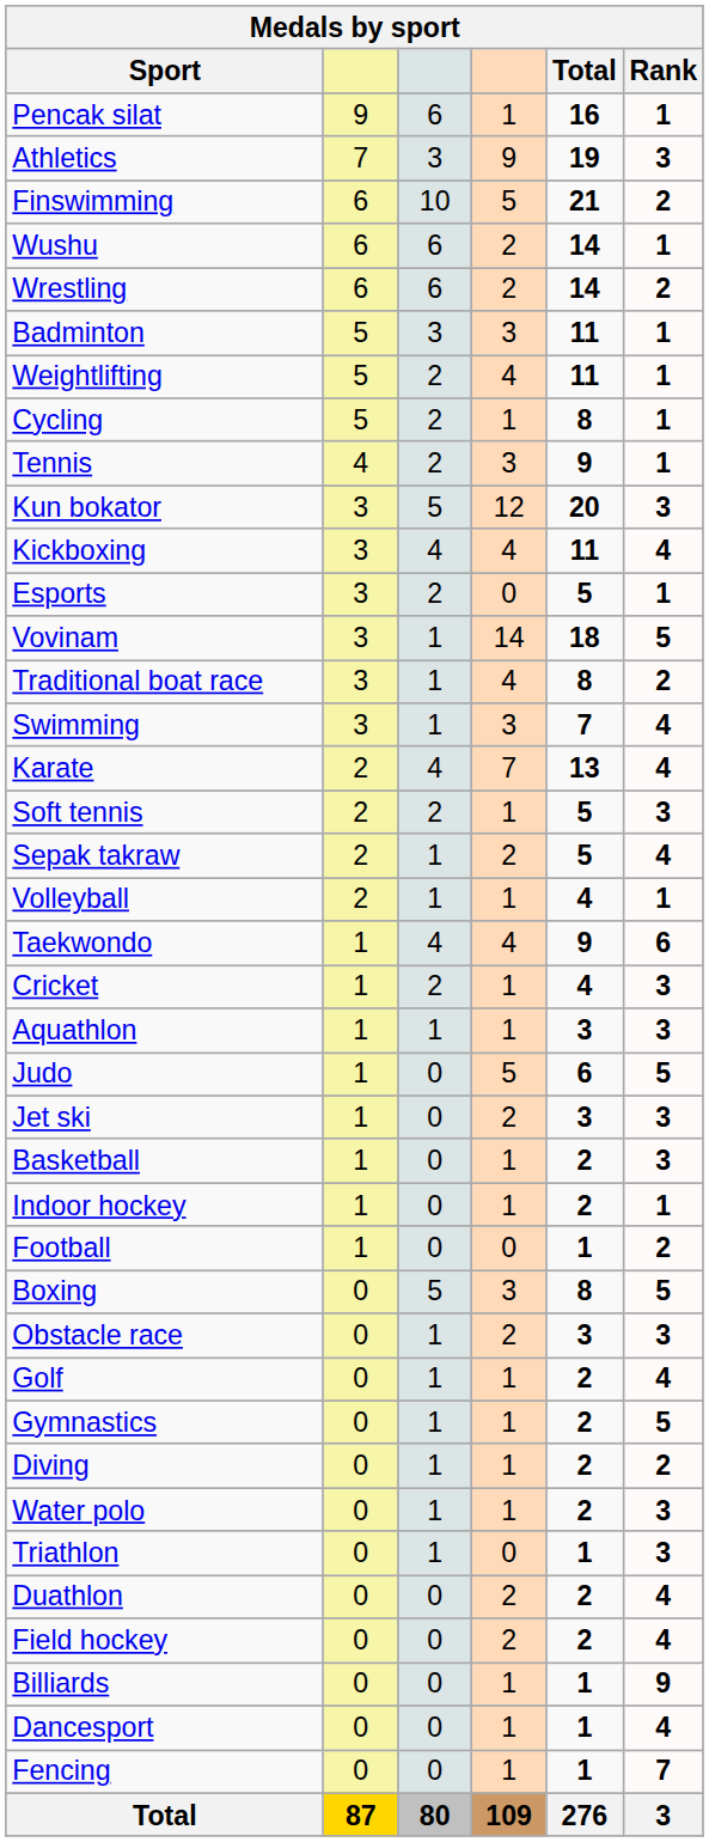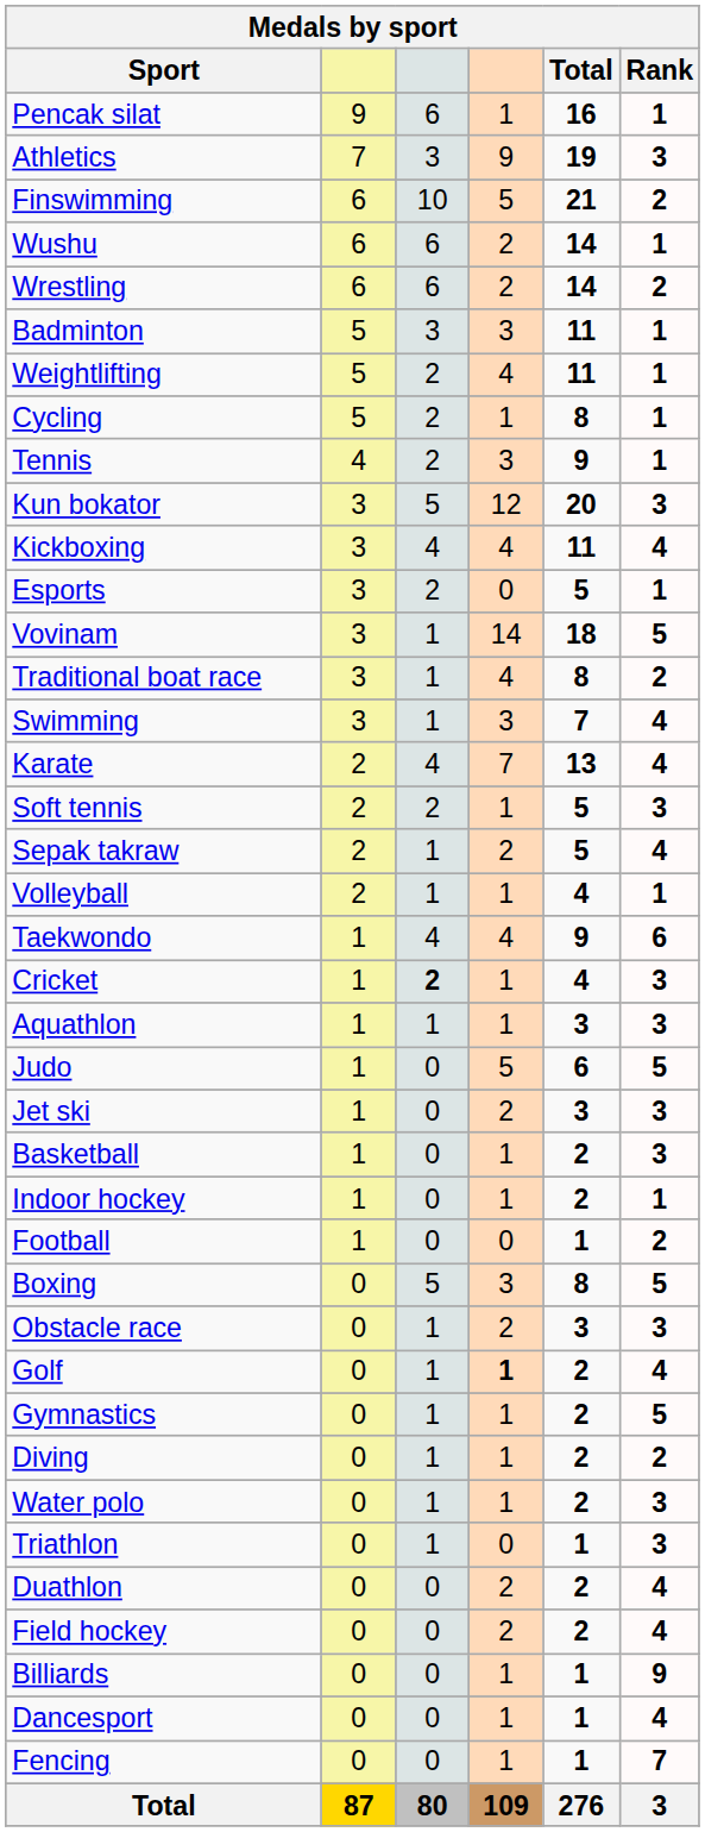 <table class="wikitable" style=font-size:85%;float:center;text-align:center>
 <tr>
 <th colspan=6><strong>Medals by sport</strong></th>
 </tr>
 <tr>
 <th width=150>Sport</th>
 <th scope="col" width=30 style="background:#F7F6A8;"></th>
 <th scope="col" width=30 style="background:#DCE5E5;"></th>
 <th scope="col" width=30 style="background:#FFDAB9;"></th>
 <th width=30>Total</th>
 <th width=30>Rank</th>
 </tr>
 <tr>
 <td align=left> <a href='#'>Pencak silat</a></td>
 <td style="background:#F7F6A8;">9</td>
 <td style="background:#DCE5E5;">6</td>
 <td style="background:#FFDAB9;">1</td>
 <td><strong>16</strong></td>
 <td style="background:#FFFAFA;"><strong>1</strong></td>
 </tr>
 <tr>
 <td align=left> <a href='#'>Athletics</a></td>
 <td style="background:#F7F6A8;">7</td>
 <td style="background:#DCE5E5;">3</td>
 <td style="background:#FFDAB9;">9</td>
 <td><strong>19</strong></td>
 <td style="background:#FFFAFA;"><strong>3</strong></td>
 </tr>
 <tr>
 <td align=left> <a href='#'>Finswimming</a></td>
 <td style="background:#F7F6A8;">6</td>
 <td style="background:#DCE5E5;">10</td>
 <td style="background:#FFDAB9;">5</td>
 <td><strong>21</strong></td>
 <td style="background:#FFFAFA;"><strong>2</strong></td>
 </tr>
 <tr>
 <td align=left> <a href='#'>Wushu</a></td>
 <td style="background:#F7F6A8;">6</td>
 <td style="background:#DCE5E5;">6</td>
 <td style="background:#FFDAB9;">2</td>
 <td><strong>14</strong></td>
 <td style="background:#FFFAFA;"><strong>1</strong></td>
 </tr>
 <tr>
 <td align=left> <a href='#'>Wrestling</a></td>
 <td style="background:#F7F6A8;">6</td>
 <td style="background:#DCE5E5;">6</td>
 <td style="background:#FFDAB9;">2</td>
 <td><strong>14</strong></td>
 <td style="background:#FFFAFA;"><strong>2</strong></td>
 </tr>
 <tr>
 <td align=left> <a href='#'>Badminton</a></td>
 <td style="background:#F7F6A8;">5</td>
 <td style="background:#DCE5E5;">3</td>
 <td style="background:#FFDAB9;">3</td>
 <td><strong>11</strong></td>
 <td style="background:#FFFAFA;"><strong>1</strong></td>
 </tr>
 <tr>
 <td align=left> <a href='#'>Weightlifting</a></td>
 <td style="background:#F7F6A8;">5</td>
 <td style="background:#DCE5E5;">2</td>
 <td style="background:#FFDAB9;">4</td>
 <td><strong>11</strong></td>
 <td style="background:#FFFAFA;"><strong>1</strong></td>
 </tr>
 <tr>
 <td align=left> <a href='#'>Cycling</a></td>
 <td style="background:#F7F6A8;">5</td>
 <td style="background:#DCE5E5;">2</td>
 <td style="background:#FFDAB9;">1</td>
 <td><strong>8</strong></td>
 <td style="background:#FFFAFA;"><strong>1</strong></td>
 </tr>
 <tr>
 <td align=left> <a href='#'>Tennis</a></td>
 <td style="background:#F7F6A8;">4</td>
 <td style="background:#DCE5E5;">2</td>
 <td style="background:#FFDAB9;">3</td>
 <td><strong>9</strong></td>
 <td style="background:#FFFAFA;"><strong>1</strong></td>
 </tr>
 <tr>
 <td align=left> <a href='#'>Kun bokator</a></td>
 <td style="background:#F7F6A8;">3</td>
 <td style="background:#DCE5E5;">5</td>
 <td style="background:#FFDAB9;">12</td>
 <td><strong>20</strong></td>
 <td style="background:#FFFAFA;"><strong>3</strong></td>
 </tr>
 <tr>
 <td align=left> <a href='#'>Kickboxing</a></td>
 <td style="background:#F7F6A8;">3</td>
 <td style="background:#DCE5E5;">4</td>
 <td style="background:#FFDAB9;">4</td>
 <td><strong>11</strong></td>
 <td style="background:#FFFAFA;"><strong>4</strong></td>
 </tr>
 <tr>
 <td align=left> <a href='#'>Esports</a></td>
 <td style="background:#F7F6A8;">3</td>
 <td style="background:#DCE5E5;">2</td>
 <td style="background:#FFDAB9;">0</td>
 <td><strong>5</strong></td>
 <td style="background:#FFFAFA;"><strong>1</strong></td>
 </tr>
 <tr>
 <td align=left> <a href='#'>Vovinam</a></td>
 <td style="background:#F7F6A8;">3</td>
 <td style="background:#DCE5E5;">1</td>
 <td style="background:#FFDAB9;">14</td>
 <td><strong>18</strong></td>
 <td style="background:#FFFAFA;"><strong>5</strong></td>
 </tr>
 <tr>
 <td align=left> <a href='#'>Traditional boat race</a></td>
 <td style="background:#F7F6A8;">3</td>
 <td style="background:#DCE5E5;">1</td>
 <td style="background:#FFDAB9;">4</td>
 <td><strong>8</strong></td>
 <td style="background:#FFFAFA;"><strong>2</strong></td>
 </tr>
 <tr>
 <td align=left> <a href='#'>Swimming</a></td>
 <td style="background:#F7F6A8;">3</td>
 <td style="background:#DCE5E5;">1</td>
 <td style="background:#FFDAB9;">3</td>
 <td><strong>7</strong></td>
 <td style="background:#FFFAFA;"><strong>4</strong></td>
 </tr>
 <tr>
 <td align=left> <a href='#'>Karate</a></td>
 <td style="background:#F7F6A8;">2</td>
 <td style="background:#DCE5E5;">4</td>
 <td style="background:#FFDAB9;">7</td>
 <td><strong>13</strong></td>
 <td style="background:#FFFAFA;"><strong>4</strong></td>
 </tr>
 <tr>
 <td align=left> <a href='#'>Soft tennis</a></td>
 <td style="background:#F7F6A8;">2</td>
 <td style="background:#DCE5E5;">2</td>
 <td style="background:#FFDAB9;">1</td>
 <td><strong>5</strong></td>
 <td style="background:#FFFAFA;"><strong>3</strong></td>
 </tr>
 <tr>
 <td align=left> <a href='#'>Sepak takraw</a></td>
 <td style="background:#F7F6A8;">2</td>
 <td style="background:#DCE5E5;">1</td>
 <td style="background:#FFDAB9;">2</td>
 <td><strong>5</strong></td>
 <td style="background:#FFFAFA;"><strong>4</strong></td>
 </tr>
 <tr>
 <td align=left> <a href='#'>Volleyball</a></td>
 <td style="background:#F7F6A8;">2</td>
 <td style="background:#DCE5E5;">1</td>
 <td style="background:#FFDAB9;">1</td>
 <td><strong>4</strong></td>
 <td style="background:#FFFAFA;"><strong>1</strong></td>
 </tr>
 <tr>
 <td align=left> <a href='#'>Taekwondo</a></td>
 <td style="background:#F7F6A8;">1</td>
 <td style="background:#DCE5E5;">4</td>
 <td style="background:#FFDAB9;">4</td>
 <td><strong>9</strong></td>
 <td style="background:#FFFAFA;"><strong>6</strong></td>
 </tr>
 <tr>
 <td align=left> <a href='#'>Cricket</a></td>
 <td style="background:#F7F6A8;">1</td>
-<td style="background:#DCE5E5;">2</td>
+<td style="background:#DCE5E5;"><strong>2</strong></td>
 <td style="background:#FFDAB9;">1</td>
 <td><strong>4</strong></td>
 <td style="background:#FFFAFA;"><strong>3</strong></td>
 </tr>
 <tr>
 <td align=left> <a href='#'>Aquathlon</a></td>
 <td style="background:#F7F6A8;">1</td>
 <td style="background:#DCE5E5;">1</td>
 <td style="background:#FFDAB9;">1</td>
 <td><strong>3</strong></td>
 <td style="background:#FFFAFA;"><strong>3</strong></td>
 </tr>
 <tr>
 <td align=left> <a href='#'>Judo</a></td>
 <td style="background:#F7F6A8;">1</td>
 <td style="background:#DCE5E5;">0</td>
 <td style="background:#FFDAB9;">5</td>
 <td><strong>6</strong></td>
 <td style="background:#FFFAFA;"><strong>5</strong></td>
 </tr>
 <tr>
 <td align=left> <a href='#'>Jet ski</a></td>
 <td style="background:#F7F6A8;">1</td>
 <td style="background:#DCE5E5;">0</td>
 <td style="background:#FFDAB9;">2</td>
 <td><strong>3</strong></td>
 <td style="background:#FFFAFA;"><strong>3</strong></td>
 </tr>
 <tr>
 <td align=left> <a href='#'>Basketball</a></td>
 <td style="background:#F7F6A8;">1</td>
 <td style="background:#DCE5E5;">0</td>
 <td style="background:#FFDAB9;">1</td>
 <td><strong>2</strong></td>
 <td style="background:#FFFAFA;"><strong>3</strong></td>
 </tr>
 <tr>
 <td align=left> <a href='#'>Indoor hockey</a></td>
 <td style="background:#F7F6A8;">1</td>
 <td style="background:#DCE5E5;">0</td>
 <td style="background:#FFDAB9;">1</td>
 <td><strong>2</strong></td>
 <td style="background:#FFFAFA;"><strong>1</strong></td>
 </tr>
 <tr>
 <td align=left> <a href='#'>Football</a></td>
 <td style="background:#F7F6A8;">1</td>
 <td style="background:#DCE5E5;">0</td>
 <td style="background:#FFDAB9;">0</td>
 <td><strong>1</strong></td>
 <td style="background:#FFFAFA;"><strong>2</strong></td>
 </tr>
 <tr>
 <td align=left> <a href='#'>Boxing</a></td>
 <td style="background:#F7F6A8;">0</td>
 <td style="background:#DCE5E5;">5</td>
 <td style="background:#FFDAB9;">3</td>
 <td><strong>8</strong></td>
 <td style="background:#FFFAFA;"><strong>5</strong></td>
 </tr>
 <tr>
 <td align=left> <a href='#'>Obstacle race</a></td>
 <td style="background:#F7F6A8;">0</td>
 <td style="background:#DCE5E5;">1</td>
 <td style="background:#FFDAB9;">2</td>
 <td><strong>3</strong></td>
 <td style="background:#FFFAFA;"><strong>3</strong></td>
 </tr>
 <tr>
 <td align=left> <a href='#'>Golf</a></td>
 <td style="background:#F7F6A8;">0</td>
 <td style="background:#DCE5E5;">1</td>
-<td style="background:#FFDAB9;">1</td>
+<td style="background:#FFDAB9;"><strong>1</strong></td>
 <td><strong>2</strong></td>
 <td style="background:#FFFAFA;"><strong>4</strong></td>
 </tr>
 <tr>
 <td align=left> <a href='#'>Gymnastics</a></td>
 <td style="background:#F7F6A8;">0</td>
 <td style="background:#DCE5E5;">1</td>
 <td style="background:#FFDAB9;">1</td>
 <td><strong>2</strong></td>
 <td style="background:#FFFAFA;"><strong>5</strong></td>
 </tr>
 <tr>
 <td align=left> <a href='#'>Diving</a></td>
 <td style="background:#F7F6A8;">0</td>
 <td style="background:#DCE5E5;">1</td>
 <td style="background:#FFDAB9;">1</td>
 <td><strong>2</strong></td>
 <td style="background:#FFFAFA;"><strong>2</strong></td>
 </tr>
 <tr>
 <td align=left> <a href='#'>Water polo</a></td>
 <td style="background:#F7F6A8;">0</td>
 <td style="background:#DCE5E5;">1</td>
 <td style="background:#FFDAB9;">1</td>
 <td><strong>2</strong></td>
 <td style="background:#FFFAFA;"><strong>3</strong></td>
 </tr>
 <tr>
 <td align=left> <a href='#'>Triathlon</a></td>
 <td style="background:#F7F6A8;">0</td>
 <td style="background:#DCE5E5;">1</td>
 <td style="background:#FFDAB9;">0</td>
 <td><strong>1</strong></td>
 <td style="background:#FFFAFA;"><strong>3</strong></td>
 </tr>
 <tr>
 <td align=left> <a href='#'>Duathlon</a></td>
 <td style="background:#F7F6A8;">0</td>
 <td style="background:#DCE5E5;">0</td>
 <td style="background:#FFDAB9;">2</td>
 <td><strong>2</strong></td>
 <td style="background:#FFFAFA;"><strong>4</strong></td>
 </tr>
 <tr>
 <td align=left> <a href='#'>Field hockey</a></td>
 <td style="background:#F7F6A8;">0</td>
 <td style="background:#DCE5E5;">0</td>
 <td style="background:#FFDAB9;">2</td>
 <td><strong>2</strong></td>
 <td style="background:#FFFAFA;"><strong>4</strong></td>
 </tr>
 <tr>
 <td align=left> <a href='#'>Billiards</a></td>
 <td style="background:#F7F6A8;">0</td>
 <td style="background:#DCE5E5;">0</td>
 <td style="background:#FFDAB9;">1</td>
 <td><strong>1</strong></td>
 <td style="background:#FFFAFA;"><strong>9</strong></td>
 </tr>
 <tr>
 <td align=left> <a href='#'>Dancesport</a></td>
 <td style="background:#F7F6A8;">0</td>
 <td style="background:#DCE5E5;">0</td>
 <td style="background:#FFDAB9;">1</td>
 <td><strong>1</strong></td>
 <td style="background:#FFFAFA;"><strong>4</strong></td>
 </tr>
 <tr>
 <td align=left> <a href='#'>Fencing</a></td>
 <td style="background:#F7F6A8;">0</td>
 <td style="background:#DCE5E5;">0</td>
 <td style="background:#FFDAB9;">1</td>
 <td><strong>1</strong></td>
 <td style="background:#FFFAFA;"><strong>7</strong></td>
 </tr>
 <tr>
 <th>Total</th>
 <th style=background:gold>87</th>
 <th style=background:silver>80</th>
 <th style=background:#c96>109</th>
 <th>276</th>
 <th><strong>3</strong></th>
 </tr>
 </table>
